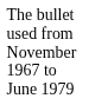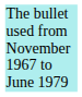 <table width="80">
 <tr>
 <td></td>
 </tr>
 <tr>
-<td><div>The bullet used from November 1967 to June 1979</div></td>
+<td style="background: paleturquoise;"><div>The bullet used from November 1967 to June 1979</div></td>
 </tr>
 </table>
